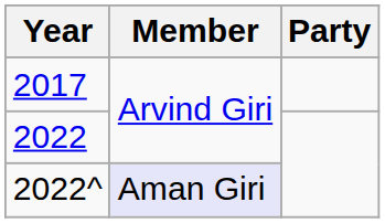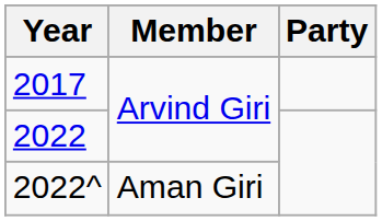 <table class="wikitable sortable">
 <tr>
 <th>Year</th>
 <th>Member</th>
 <th colspan="2">Party</th>
 </tr>
 <tr>
 <td><a href='#'>2017</a></td>
 <td rowspan=2><a href='#'>Arvind Giri</a></td>
 <td></td>
 </tr>
 <tr>
 <td><a href='#'>2022</a></td>
 </tr>
 <tr>
 <td>2022^</td>
-<td style="background: lavender;">Aman Giri</td>
+<td>Aman Giri</td>
 </tr>
 </table>
